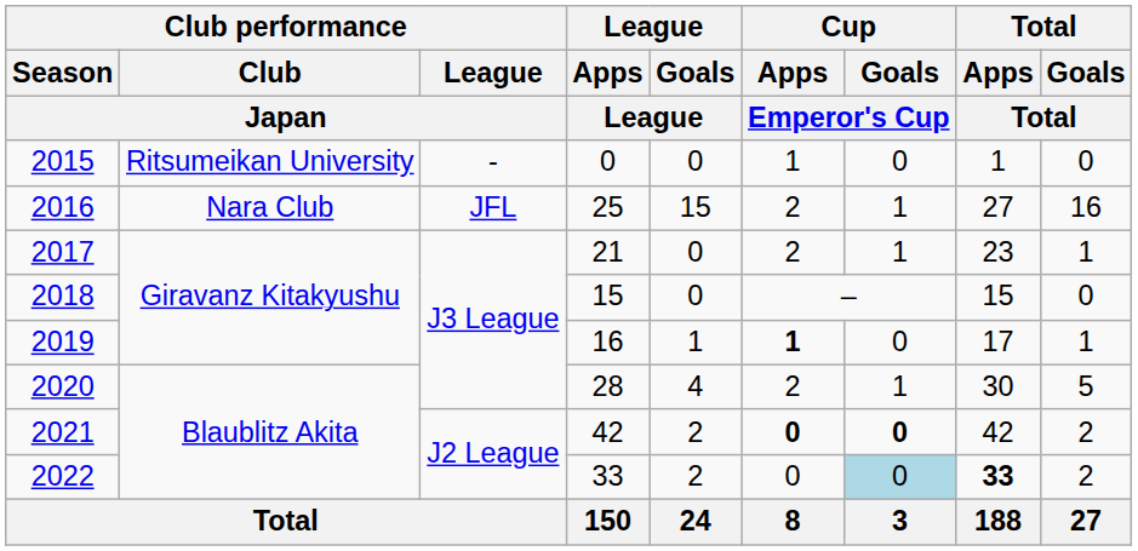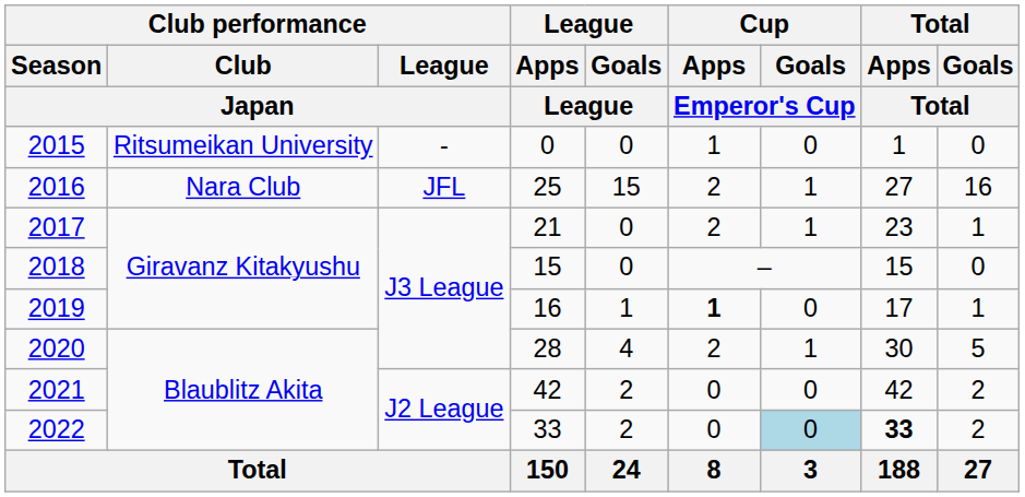 <table class="wikitable" style="text-align:center;">
 <tr>
 <th colspan=3>Club performance</th>
 <th colspan=2>League</th>
 <th colspan=2>Cup</th>
 <th colspan=2>Total</th>
 </tr>
 <tr>
 <th>Season</th>
 <th>Club</th>
 <th>League</th>
 <th>Apps</th>
 <th>Goals</th>
 <th>Apps</th>
 <th>Goals</th>
 <th>Apps</th>
 <th>Goals</th>
 </tr>
 <tr>
 <th colspan=3>Japan</th>
 <th colspan=2>League</th>
 <th colspan=2><a href='#'>Emperor's Cup</a></th>
 <th colspan=2>Total</th>
 </tr>
 <tr>
 <td><a href='#'>2015</a></td>
 <td><a href='#'>Ritsumeikan University</a></td>
 <td>-</td>
 <td>0</td>
 <td>0</td>
 <td>1</td>
 <td>0</td>
 <td>1</td>
 <td>0</td>
 </tr>
 <tr>
 <td><a href='#'>2016</a></td>
 <td><a href='#'>Nara Club</a></td>
 <td><a href='#'>JFL</a></td>
 <td>25</td>
 <td>15</td>
 <td>2</td>
 <td>1</td>
 <td>27</td>
 <td>16</td>
 </tr>
 <tr>
 <td><a href='#'>2017</a></td>
 <td rowspan="3"><a href='#'>Giravanz Kitakyushu</a></td>
 <td rowspan="4"><a href='#'>J3 League</a></td>
 <td>21</td>
 <td>0</td>
 <td>2</td>
 <td>1</td>
 <td>23</td>
 <td>1</td>
 </tr>
 <tr>
 <td><a href='#'>2018</a></td>
 <td>15</td>
 <td>0</td>
 <td colspan="2">–</td>
 <td>15</td>
 <td>0</td>
 </tr>
 <tr>
 <td><a href='#'>2019</a></td>
 <td>16</td>
 <td>1</td>
 <td><strong>1</strong></td>
 <td>0</td>
 <td>17</td>
 <td>1</td>
 </tr>
 <tr>
 <td><a href='#'>2020</a></td>
 <td rowspan="3"><a href='#'>Blaublitz Akita</a></td>
 <td>28</td>
 <td>4</td>
 <td>2</td>
 <td>1</td>
 <td>30</td>
 <td>5</td>
 </tr>
 <tr>
 <td><a href='#'>2021</a></td>
 <td rowspan="2"><a href='#'>J2 League</a></td>
 <td>42</td>
 <td>2</td>
-<td><strong>0</strong></td>
-<td><strong>0</strong></td>
+<td>0</td>
+<td>0</td>
 <td>42</td>
 <td>2</td>
 </tr>
 <tr>
 <td><a href='#'>2022</a></td>
 <td>33</td>
 <td>2</td>
 <td>0</td>
 <td style="background: lightblue;">0</td>
 <td><strong>33</strong></td>
 <td>2</td>
 </tr>
 <tr>
 <th colspan=3>Total</th>
 <th>150</th>
 <th>24</th>
 <th>8</th>
 <th>3</th>
 <th>188</th>
 <th>27</th>
 </tr>
 </table>
